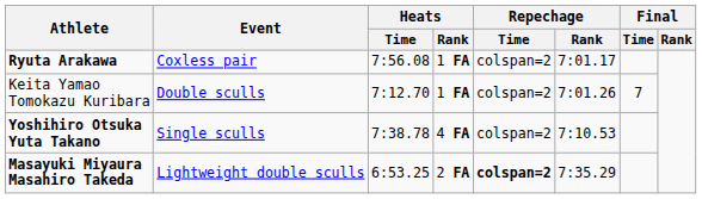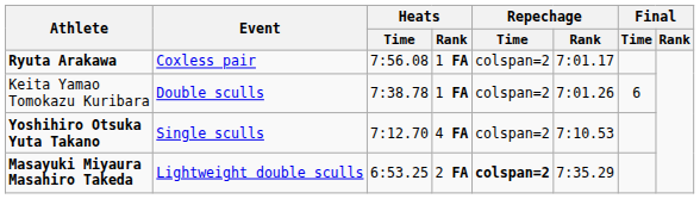 <table class=wikitable style=font-size:90%;text-align:center>
 <tr>
 <th rowspan=2>Athlete</th>
 <th rowspan=2>Event</th>
 <th colspan=2>Heats</th>
 <th colspan=2>Repechage</th>
 <th colspan=2>Final</th>
 </tr>
 <tr style="font-size:95%">
 <th>Time</th>
 <th>Rank</th>
 <th>Time</th>
 <th>Rank</th>
 <th>Time</th>
 <th>Rank</th>
 </tr>
 <tr>
 <td style="text-align:left"><strong>Ryuta Arakawa</strong></td>
 <td style="text-align:left"><a href='#'>Coxless pair</a></td>
 <td>7:56.08</td>
 <td>1 <strong>FA</strong></td>
 <td>colspan=2 </td>
 <td>7:01.17</td>
 <td></td>
 </tr>
 <tr>
 <td style="text-align:left">Keita Yamao<br>Tomokazu Kuribara</td>
 <td style="text-align:left"><a href='#'>Double sculls</a></td>
-<td>7:12.70</td>
+<td>7:38.78</td>
 <td>1 <strong>FA</strong></td>
 <td>colspan=2 </td>
 <td>7:01.26</td>
-<td>7</td>
+<td>6</td>
 </tr>
 <tr>
 <td style="text-align:left"><strong>Yoshihiro Otsuka<br>Yuta Takano</strong></td>
 <td style="text-align:left"><a href='#'>Single sculls</a></td>
-<td>7:38.78</td>
+<td>7:12.70</td>
 <td>4 <strong>FA</strong></td>
 <td>colspan=2 </td>
 <td>7:10.53</td>
 <td></td>
 </tr>
 <tr>
 <td style="text-align:left"><strong>Masayuki Miyaura<br>Masahiro Takeda</strong></td>
 <td style="text-align:left"><a href='#'>Lightweight double sculls</a></td>
 <td>6:53.25</td>
 <td>2 <strong>FA</strong></td>
 <td><strong>colspan=2 </strong></td>
 <td>7:35.29</td>
 <td></td>
 </tr>
 </table>
